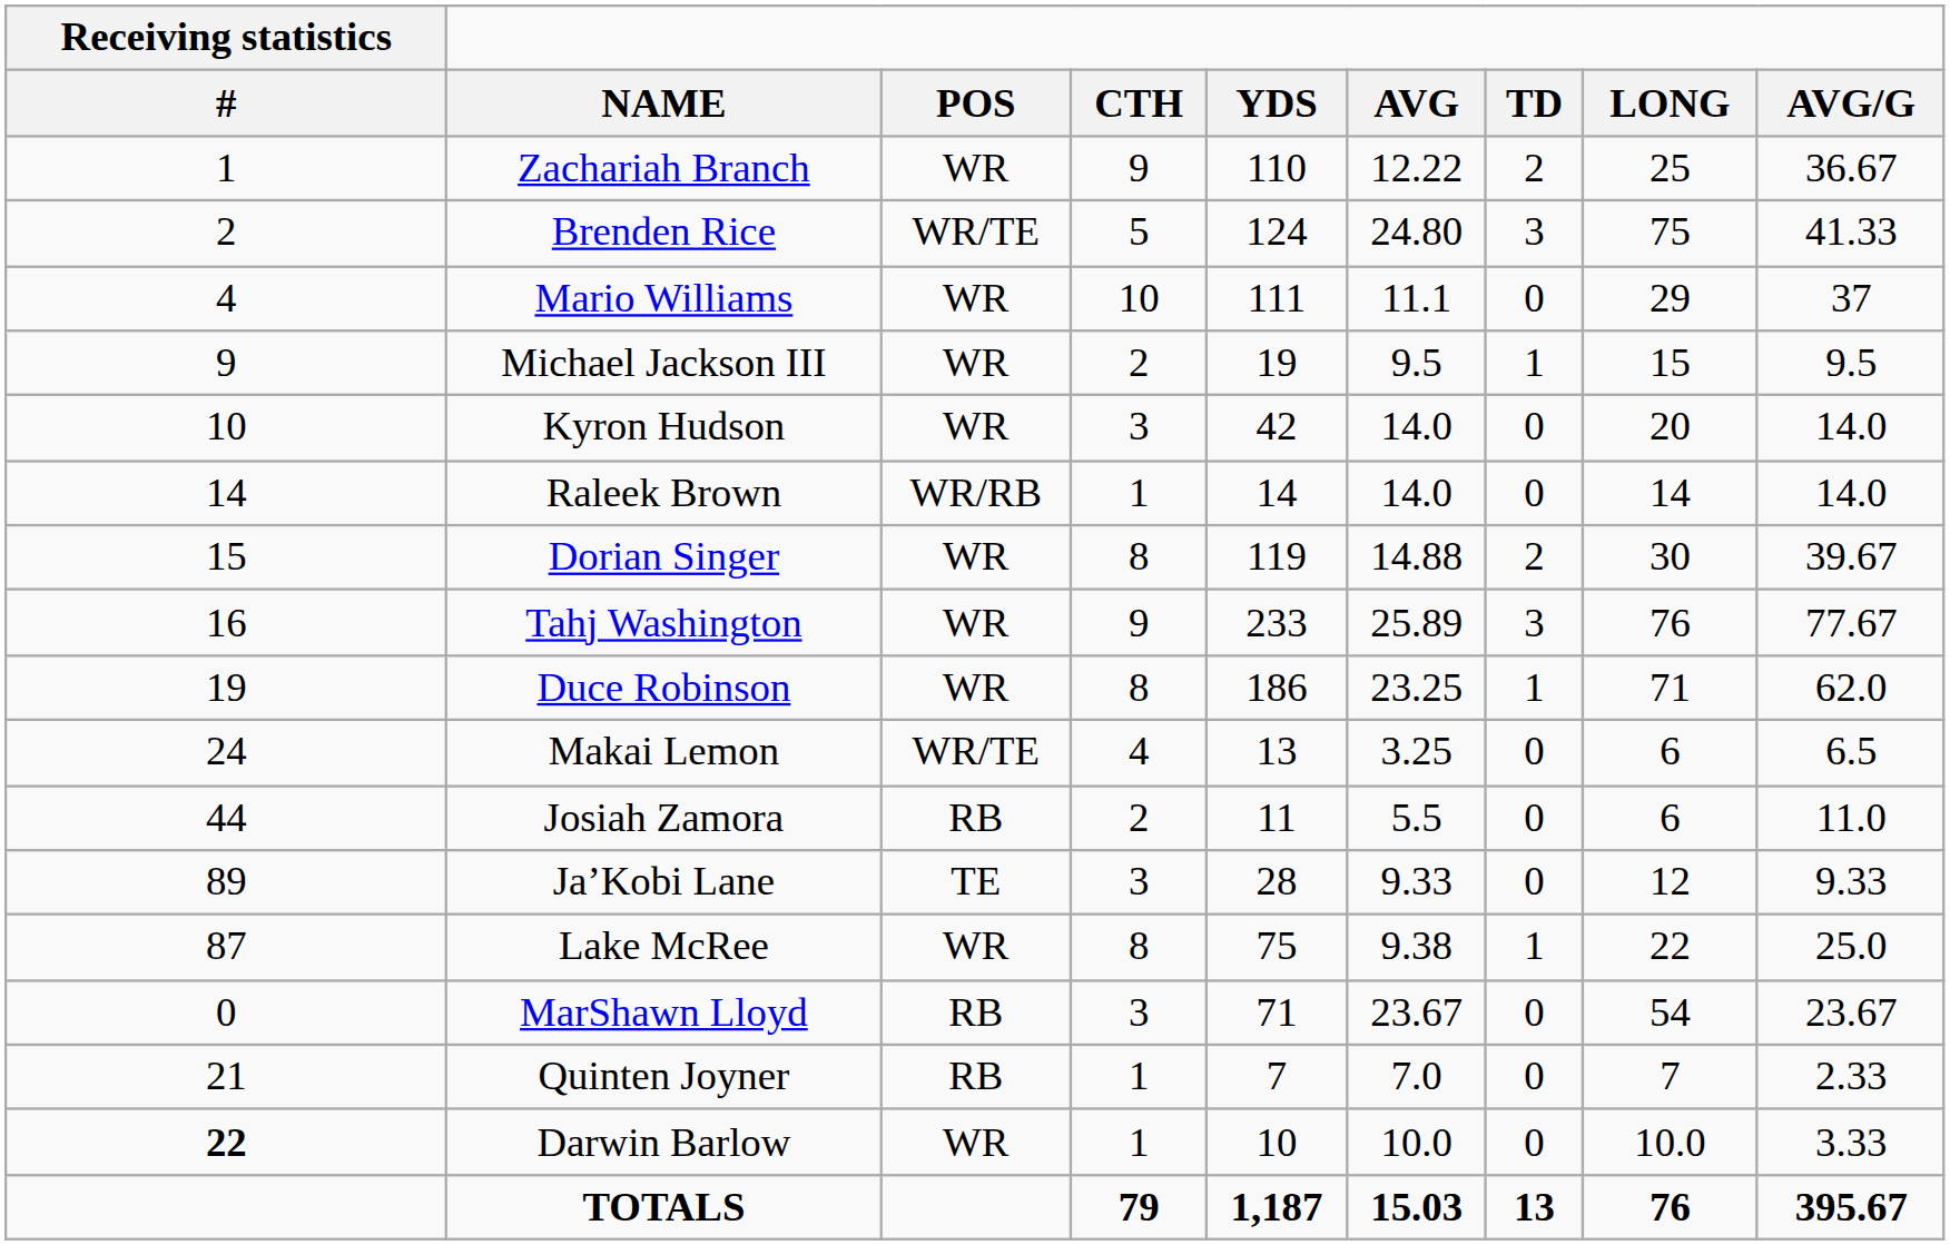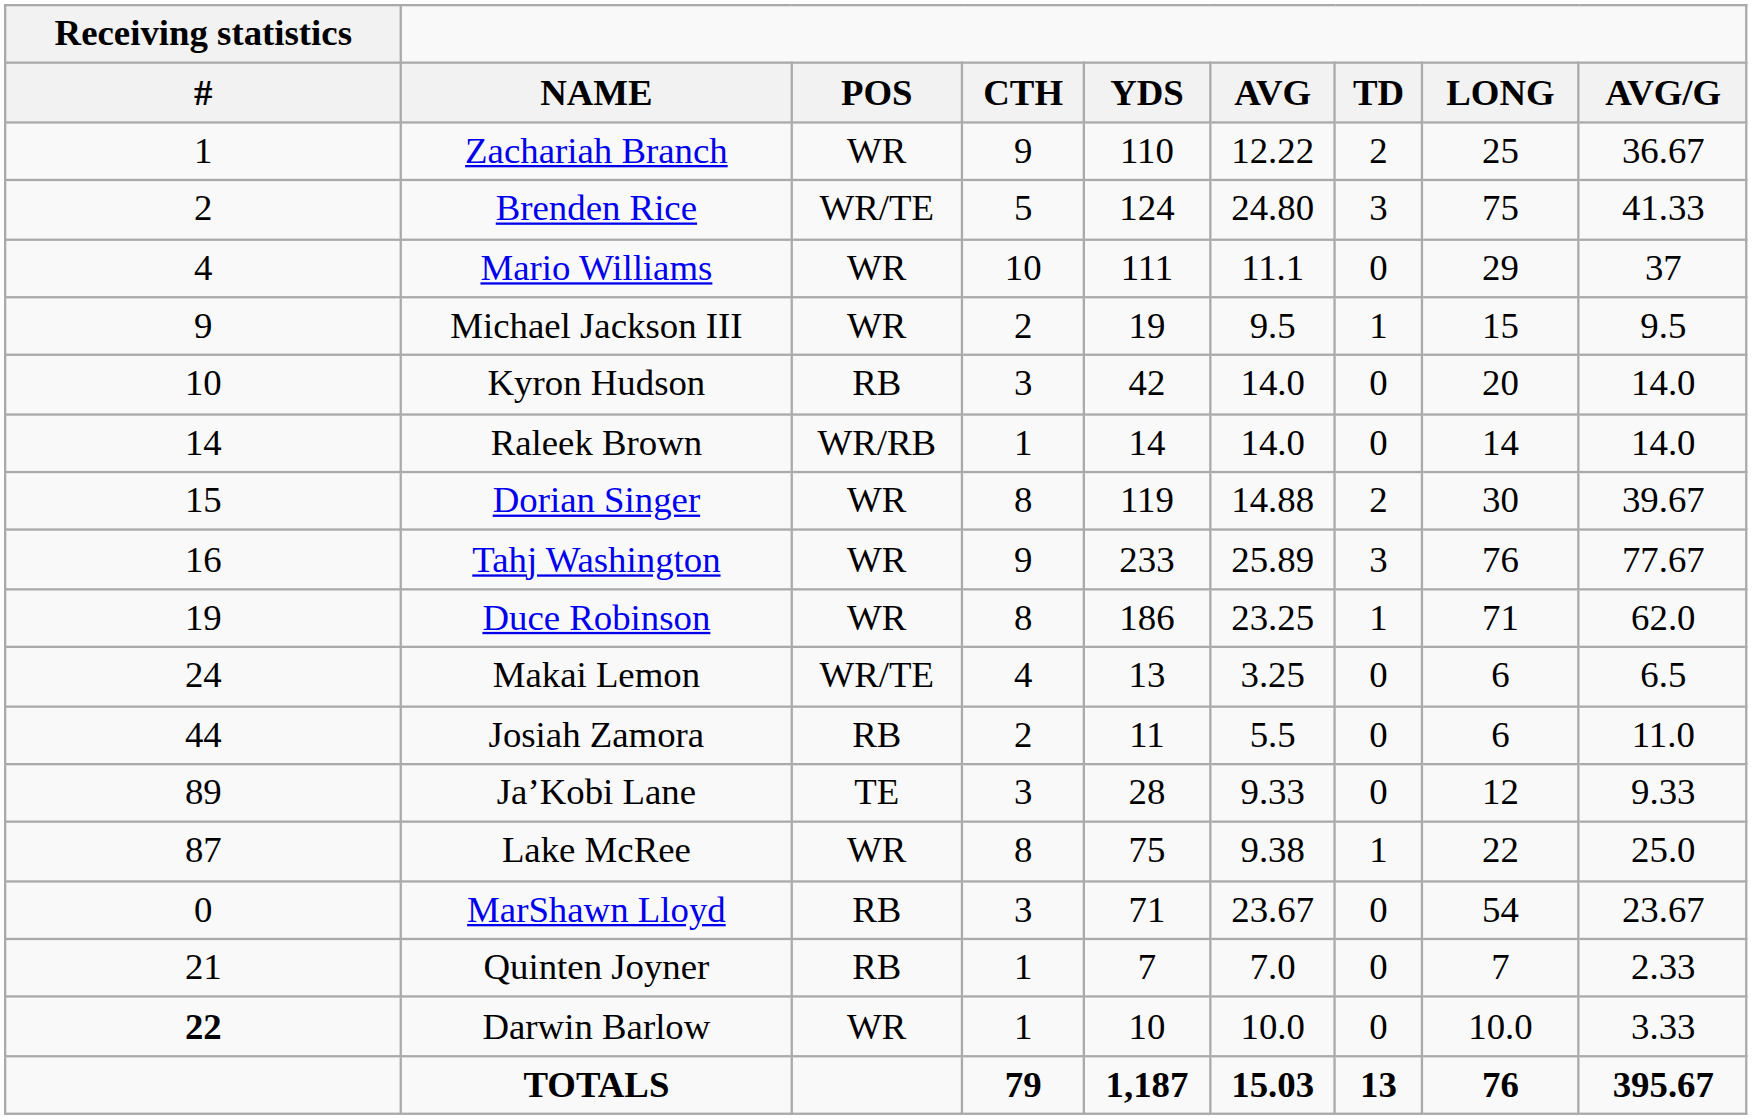 <table style="width:60%; text-align:center;" class="wikitable collapsible collapsed">
 <tr>
 <th style="text-align:center; ">Receiving statistics</th>
 </tr>
 <tr>
 <th>#</th>
 <th>NAME</th>
 <th>POS</th>
 <th>CTH</th>
 <th>YDS</th>
 <th>AVG</th>
 <th>TD</th>
 <th>LONG</th>
 <th>AVG/G</th>
 </tr>
 <tr>
 <td>1</td>
 <td><a href='#'>Zachariah Branch</a></td>
 <td>WR</td>
 <td>9</td>
 <td>110</td>
 <td>12.22</td>
 <td>2</td>
 <td>25</td>
 <td>36.67</td>
 </tr>
 <tr>
 <td>2</td>
 <td><a href='#'>Brenden Rice</a></td>
 <td>WR/TE</td>
 <td>5</td>
 <td>124</td>
 <td>24.80</td>
 <td>3</td>
 <td>75</td>
 <td>41.33</td>
 </tr>
 <tr>
 <td>4</td>
 <td><a href='#'>Mario Williams</a></td>
 <td>WR</td>
 <td>10</td>
 <td>111</td>
 <td>11.1</td>
 <td>0</td>
 <td>29</td>
 <td>37</td>
 </tr>
 <tr>
 <td>9</td>
 <td>Michael Jackson III</td>
 <td>WR</td>
 <td>2</td>
 <td>19</td>
 <td>9.5</td>
 <td>1</td>
 <td>15</td>
 <td>9.5</td>
 </tr>
 <tr>
 <td>10</td>
 <td>Kyron Hudson</td>
-<td>WR</td>
+<td>RB</td>
 <td>3</td>
 <td>42</td>
 <td>14.0</td>
 <td>0</td>
 <td>20</td>
 <td>14.0</td>
 </tr>
 <tr>
 <td>14</td>
 <td>Raleek Brown</td>
 <td>WR/RB</td>
 <td>1</td>
 <td>14</td>
 <td>14.0</td>
 <td>0</td>
 <td>14</td>
 <td>14.0</td>
 </tr>
 <tr>
 <td>15</td>
 <td><a href='#'>Dorian Singer</a></td>
 <td>WR</td>
 <td>8</td>
 <td>119</td>
 <td>14.88</td>
 <td>2</td>
 <td>30</td>
 <td>39.67</td>
 </tr>
 <tr>
 <td>16</td>
 <td><a href='#'>Tahj Washington</a></td>
 <td>WR</td>
 <td>9</td>
 <td>233</td>
 <td>25.89</td>
 <td>3</td>
 <td>76</td>
 <td>77.67</td>
 </tr>
 <tr>
 <td>19</td>
 <td><a href='#'>Duce Robinson</a></td>
 <td>WR</td>
 <td>8</td>
 <td>186</td>
 <td>23.25</td>
 <td>1</td>
 <td>71</td>
 <td>62.0</td>
 </tr>
 <tr>
 <td>24</td>
 <td>Makai Lemon</td>
 <td>WR/TE</td>
 <td>4</td>
 <td>13</td>
 <td>3.25</td>
 <td>0</td>
 <td>6</td>
 <td>6.5</td>
 </tr>
 <tr>
 <td>44</td>
 <td>Josiah Zamora</td>
 <td>RB</td>
 <td>2</td>
 <td>11</td>
 <td>5.5</td>
 <td>0</td>
 <td>6</td>
 <td>11.0</td>
 </tr>
 <tr>
 <td>89</td>
 <td>Ja’Kobi Lane</td>
 <td>TE</td>
 <td>3</td>
 <td>28</td>
 <td>9.33</td>
 <td>0</td>
 <td>12</td>
 <td>9.33</td>
 </tr>
 <tr>
 <td>87</td>
 <td>Lake McRee</td>
 <td>WR</td>
 <td>8</td>
 <td>75</td>
 <td>9.38</td>
 <td>1</td>
 <td>22</td>
 <td>25.0</td>
 </tr>
 <tr>
 <td>0</td>
 <td><a href='#'>MarShawn Lloyd</a></td>
 <td>RB</td>
 <td>3</td>
 <td>71</td>
 <td>23.67</td>
 <td>0</td>
 <td>54</td>
 <td>23.67</td>
 </tr>
 <tr>
 <td>21</td>
 <td>Quinten Joyner</td>
 <td>RB</td>
 <td>1</td>
 <td>7</td>
 <td>7.0</td>
 <td>0</td>
 <td>7</td>
 <td>2.33</td>
 </tr>
 <tr>
 <td><strong>22</strong></td>
 <td>Darwin Barlow</td>
 <td>WR</td>
 <td>1</td>
 <td>10</td>
 <td>10.0</td>
 <td>0</td>
 <td>10.0</td>
 <td>3.33</td>
 </tr>
 <tr>
 <td></td>
 <td><strong>TOTALS</strong></td>
 <td></td>
 <td><strong>79</strong></td>
 <td><strong>1,187</strong></td>
 <td><strong>15.03</strong></td>
 <td><strong>13</strong></td>
 <td><strong>76</strong></td>
 <td><strong>395.67</strong></td>
 </tr>
 </table>
